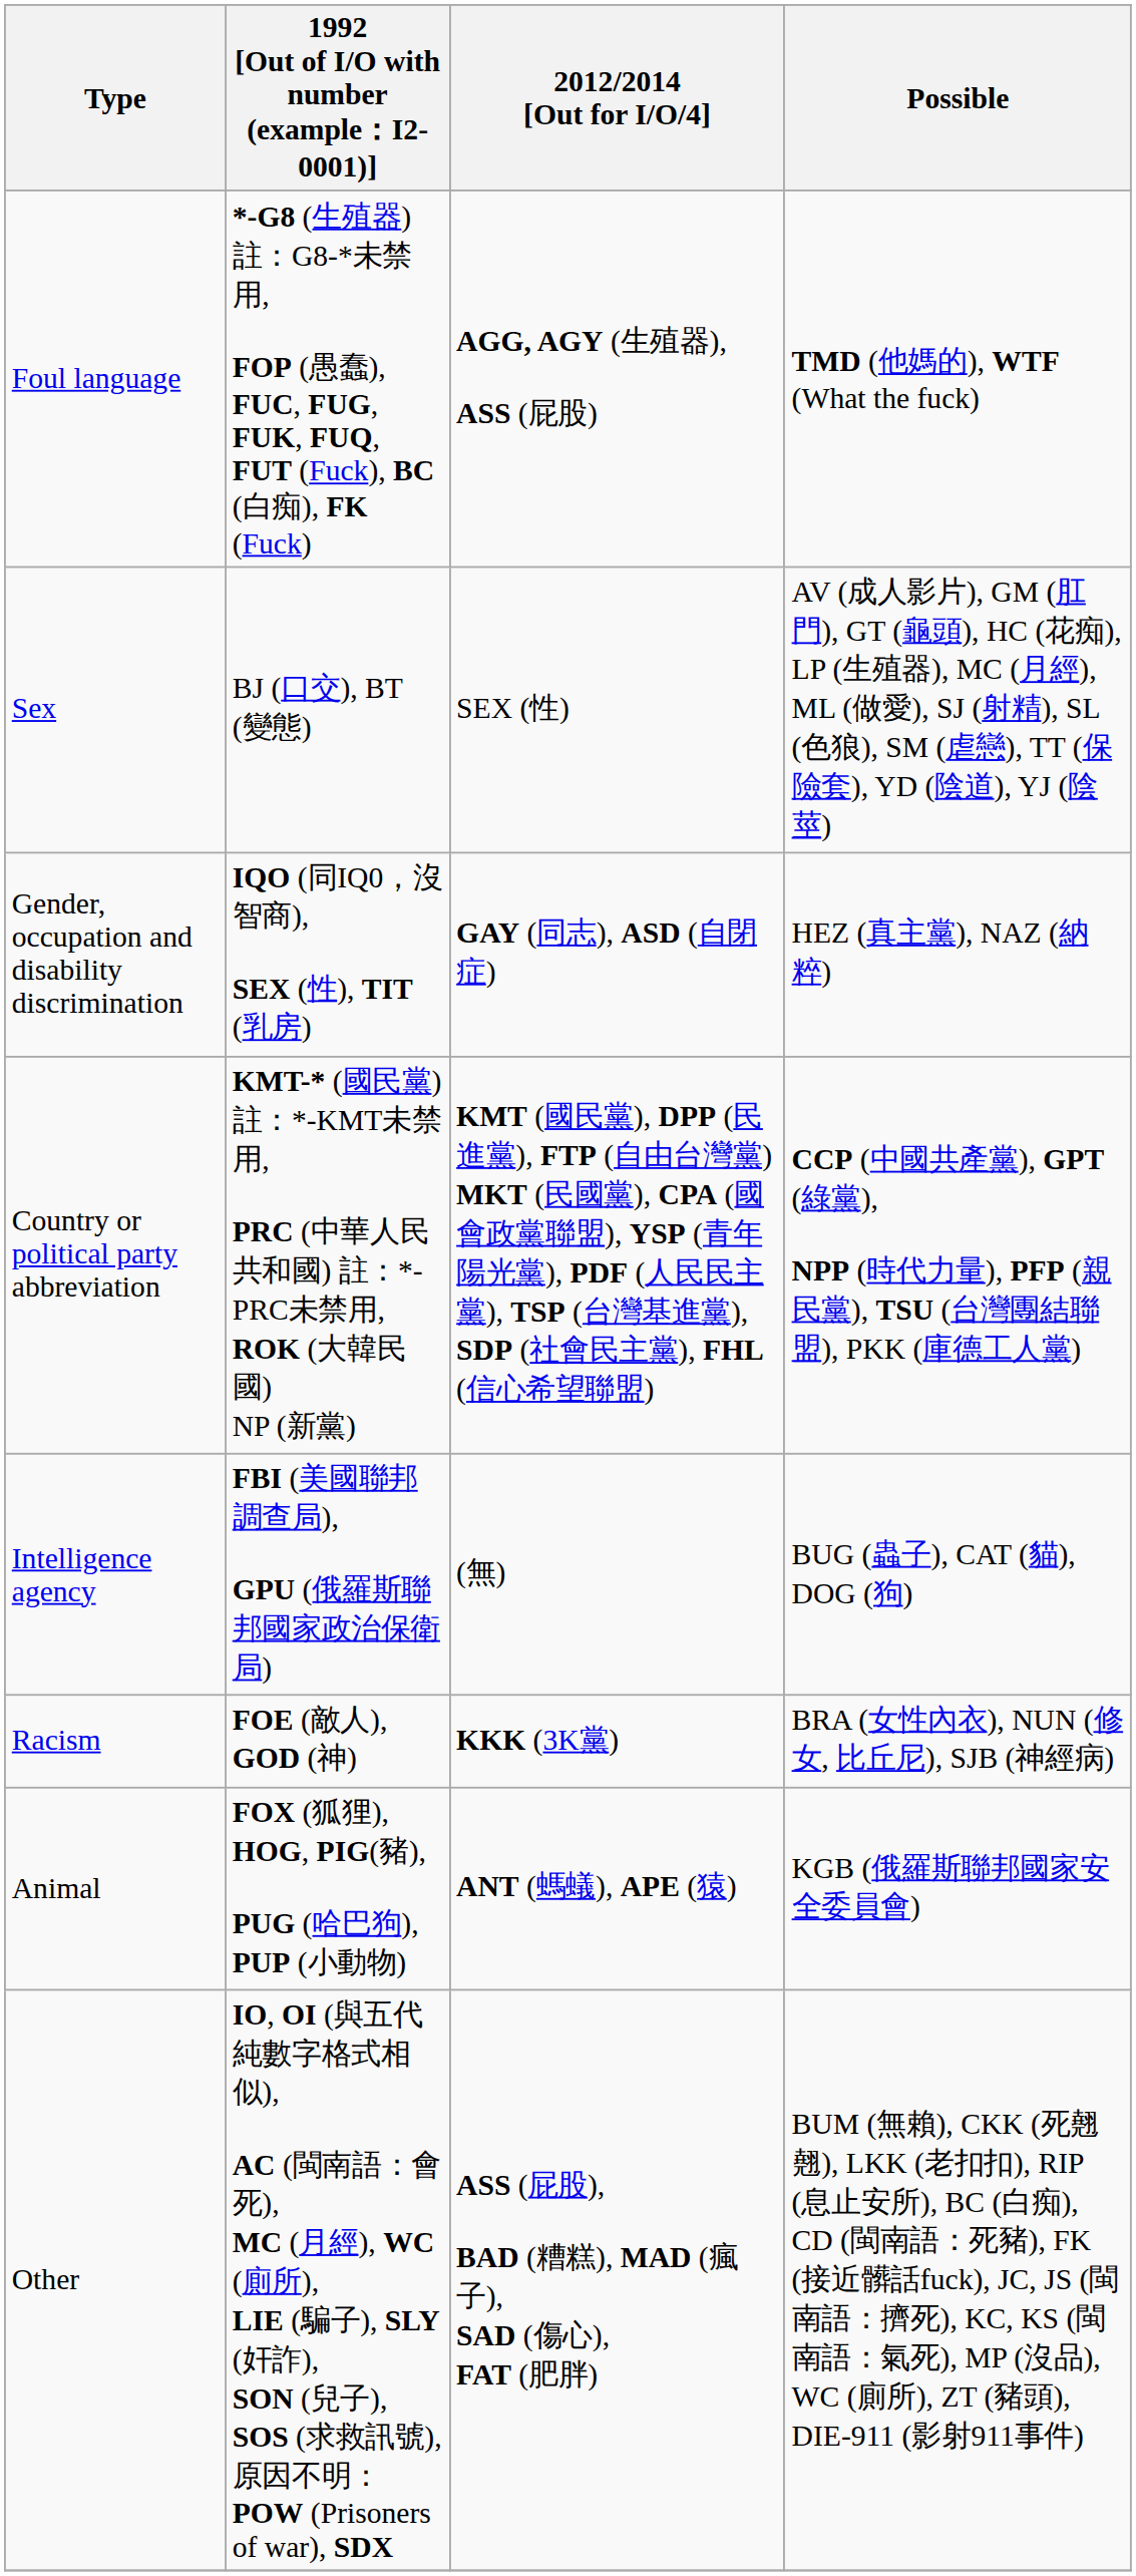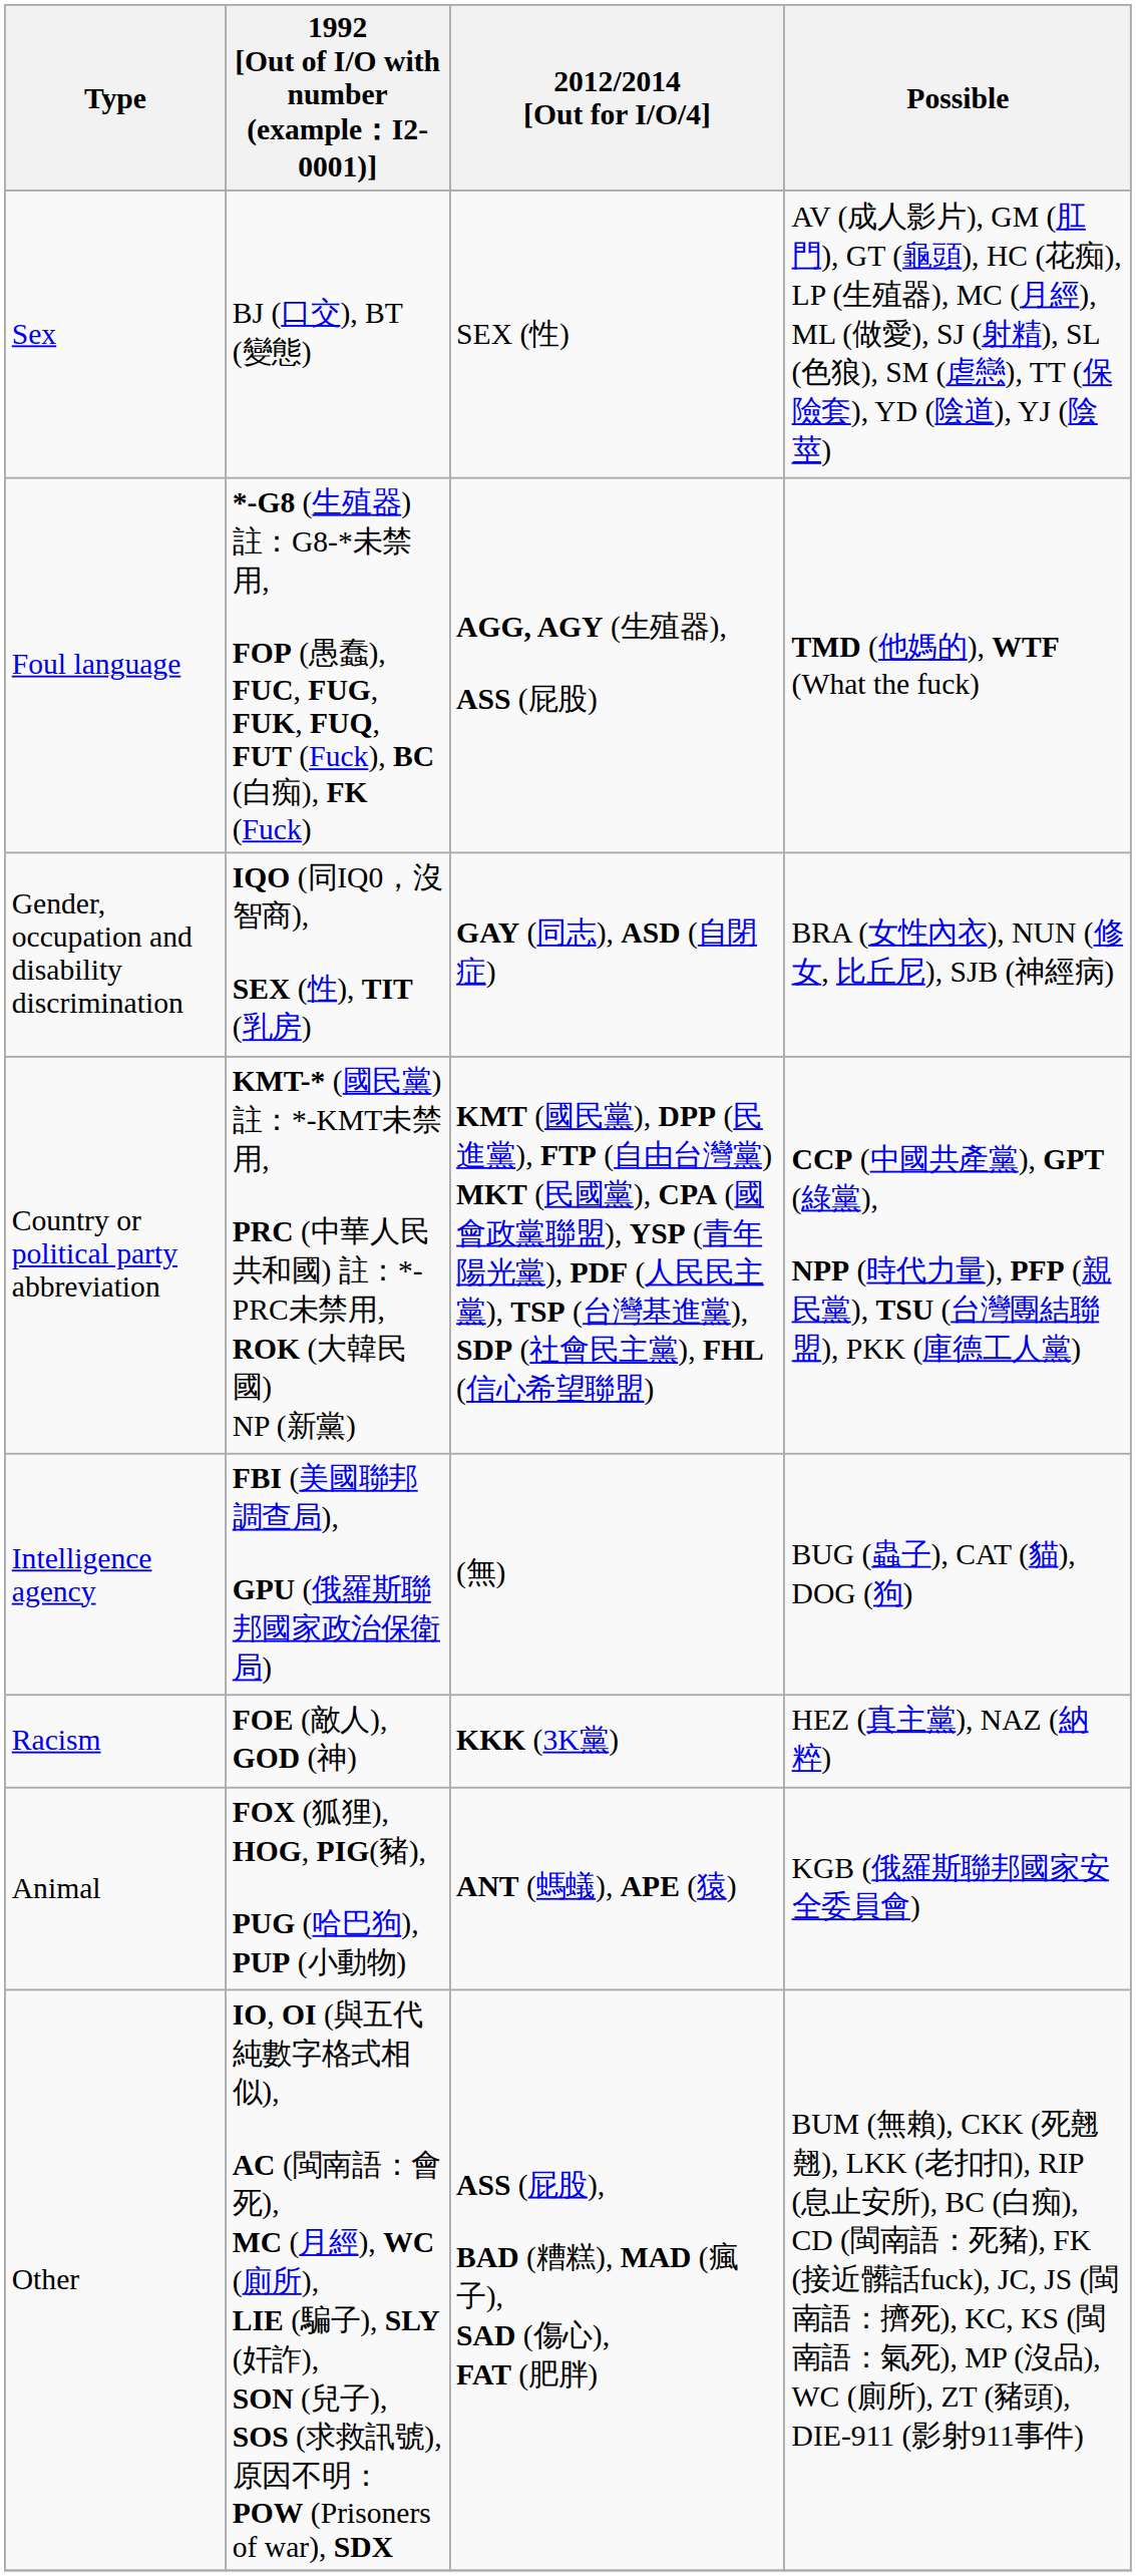 <table class=wikitable>
 <tr>
 <th>Type</th>
 <th>1992<br>[Out of I/O with number (example：I2-0001)]</th>
 <th>2012/2014<br>[Out for I/O/4]</th>
 <th>Possible</th>
 </tr>
 <tr>
+<td><a href='#'>Sex</a></td>
+<td>BJ (<a href='#'>口交</a>), BT (變態)</td>
+<td>SEX (性)</td>
+<td>AV (成人影片), GM (<a href='#'>肛門</a>), GT (<a href='#'>龜頭</a>), HC (花痴), LP (生殖器), MC (<a href='#'>月經</a>), ML (做愛), SJ (<a href='#'>射精</a>), SL (色狼), SM (<a href='#'>虐戀</a>), TT (<a href='#'>保險套</a>), YD (<a href='#'>陰道</a>), YJ (<a href='#'>陰莖</a>)</td>
+</tr>
+<tr>
 <td><a href='#'>Foul language</a></td>
 <td><strong>*-G8</strong> (<a href='#'>生殖器</a>) 註：G8-*未禁用,<br><br><strong>FOP</strong> (愚蠢),<br> <strong>FUC</strong>, <strong>FUG</strong>, <strong>FUK</strong>, <strong>FUQ</strong>, <strong>FUT</strong> (<a href='#'>Fuck</a>), <strong>BC</strong> (白痴), <strong>FK</strong> (<a href='#'>Fuck</a>)</td>
 <td><strong>AGG, AGY</strong> (生殖器),<br><br><strong>ASS</strong> (屁股)</td>
 <td><strong>TMD</strong> (<a href='#'>他媽的</a>), <strong>WTF</strong> (What the fuck)</td>
 </tr>
 <tr>
-<td><a href='#'>Sex</a></td>
-<td>BJ (<a href='#'>口交</a>), BT (變態)</td>
-<td>SEX (性)</td>
-<td>AV (成人影片), GM (<a href='#'>肛門</a>), GT (<a href='#'>龜頭</a>), HC (花痴), LP (生殖器), MC (<a href='#'>月經</a>), ML (做愛), SJ (<a href='#'>射精</a>), SL (色狼), SM (<a href='#'>虐戀</a>), TT (<a href='#'>保險套</a>), YD (<a href='#'>陰道</a>), YJ (<a href='#'>陰莖</a>)</td>
-</tr>
-<tr>
 <td>Gender, occupation and disability discrimination</td>
 <td><strong>IQO</strong> (同IQ0，沒智商),<br><br><strong>SEX</strong> (<a href='#'>性</a>), <strong>TIT</strong> (<a href='#'>乳房</a>)</td>
 <td><strong>GAY</strong> (<a href='#'>同志</a>), <strong>ASD</strong> (<a href='#'>自閉症</a>)</td>
-<td>HEZ (<a href='#'>真主黨</a>), NAZ (<a href='#'>納粹</a>)</td>
+<td>BRA (<a href='#'>女性內衣</a>), NUN (<a href='#'>修女</a>, <a href='#'>比丘尼</a>), SJB (神經病)</td>
 </tr>
 <tr>
 <td>Country or <a href='#'>political party</a> abbreviation</td>
 <td><strong>KMT-*</strong> (<a href='#'>國民黨</a>) 註：*-KMT未禁用,<br><br><strong>PRC</strong> (中華人民共和國) 註：*-PRC未禁用,<br> <strong>ROK</strong> (大韓民國)<br> NP (新黨)</td>
 <td><strong>KMT</strong> (<a href='#'>國民黨</a>), <strong>DPP</strong> (<a href='#'>民進黨</a>), <strong>FTP</strong> (<a href='#'>自由台灣黨</a>) <strong>MKT</strong> (<a href='#'>民國黨</a>), <strong>CPA</strong> (<a href='#'>國會政黨聯盟</a>), <strong>YSP</strong> (<a href='#'>青年陽光黨</a>), <strong>PDF</strong> (<a href='#'>人民民主黨</a>), <strong>TSP</strong> (<a href='#'>台灣基進黨</a>), <strong>SDP</strong> (<a href='#'>社會民主黨</a>), <strong>FHL</strong> (<a href='#'>信心希望聯盟</a>)</td>
 <td><strong>CCP</strong> (<a href='#'>中國共產黨</a>), <strong>GPT</strong> (<a href='#'>綠黨</a>),<br><br><strong>NPP</strong> (<a href='#'>時代力量</a>), <strong>PFP</strong> (<a href='#'>親民黨</a>), <strong>TSU</strong> (<a href='#'>台灣團結聯盟</a>), PKK (<a href='#'>庫德工人黨</a>)</td>
 </tr>
 <tr>
 <td><a href='#'>Intelligence agency</a></td>
 <td><strong>FBI</strong> (<a href='#'>美國聯邦調查局</a>),<br><br><strong>GPU</strong> (<a href='#'>俄羅斯聯邦國家政治保衛局</a>)</td>
 <td>(無)</td>
 <td>BUG (<a href='#'>蟲子</a>), CAT (<a href='#'>貓</a>), DOG (<a href='#'>狗</a>)</td>
 </tr>
 <tr>
 <td><a href='#'>Racism</a></td>
 <td><strong>FOE</strong> (敵人), <strong>GOD</strong> (神)</td>
 <td><strong>KKK</strong> (<a href='#'>3K黨</a>)</td>
-<td>BRA (<a href='#'>女性內衣</a>), NUN (<a href='#'>修女</a>, <a href='#'>比丘尼</a>), SJB (神經病)</td>
+<td>HEZ (<a href='#'>真主黨</a>), NAZ (<a href='#'>納粹</a>)</td>
 </tr>
 <tr>
 <td>Animal</td>
 <td><strong>FOX</strong> (狐狸), <strong>HOG</strong>, <strong>PIG</strong>(豬),<br><br><strong>PUG</strong> (<a href='#'>哈巴狗</a>), <strong>PUP</strong>  (小動物)</td>
 <td><strong>ANT</strong> (<a href='#'>螞蟻</a>), <strong>APE</strong> (<a href='#'>猿</a>)</td>
 <td>KGB (<a href='#'>俄羅斯聯邦國家安全委員會</a>)</td>
 </tr>
 <tr>
 <td>Other</td>
 <td><strong>IO</strong>, <strong>OI</strong> (與五代純數字格式相似),<br><br><strong>AC</strong> (閩南語：會死),<br> <strong>MC</strong> (<a href='#'>月經</a>), <strong>WC</strong> (<a href='#'>廁所</a>),<br> <strong>LIE</strong> (騙子), <strong>SLY</strong> (奸詐),<br> <strong>SON</strong> (兒子), <strong>SOS</strong> (求救訊號), 原因不明：<strong>POW</strong> (Prisoners of war), <strong>SDX</strong></td>
 <td><strong>ASS</strong> (<a href='#'>屁股</a>),<br><br><strong>BAD</strong> (糟糕), <strong>MAD</strong> (瘋子),<br> <strong>SAD</strong> (傷心),<br> <strong>FAT</strong> (肥胖)</td>
 <td>BUM (無賴), CKK (死翹翹), LKK (老扣扣), RIP (息止安所), BC (白痴), CD (閩南語：死豬), FK (接近髒話fuck), JC, JS (閩南語：擠死), KC, KS (閩南語：氣死), MP (沒品), WC (廁所), ZT (豬頭), DIE-911 (影射911事件)</td>
 </tr>
 <tr>
 </tr>
 </table>
